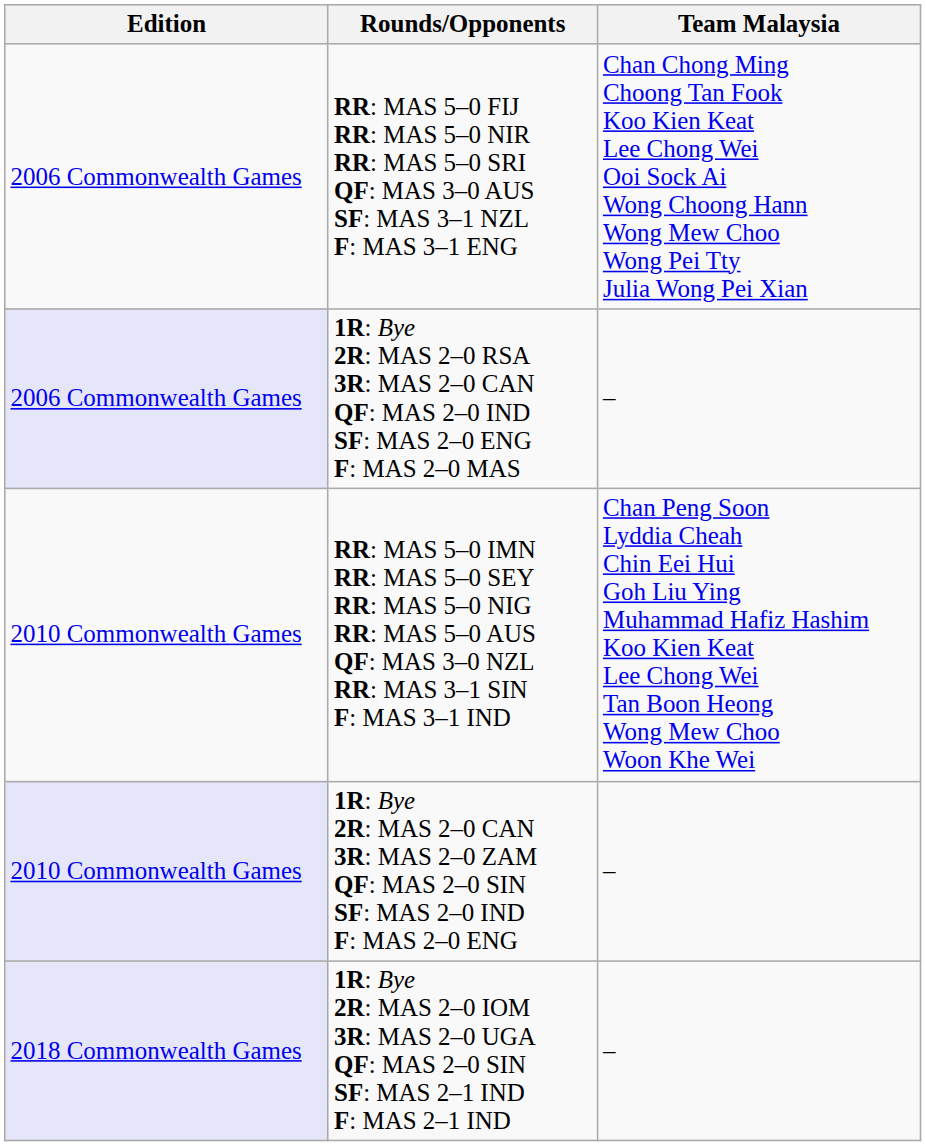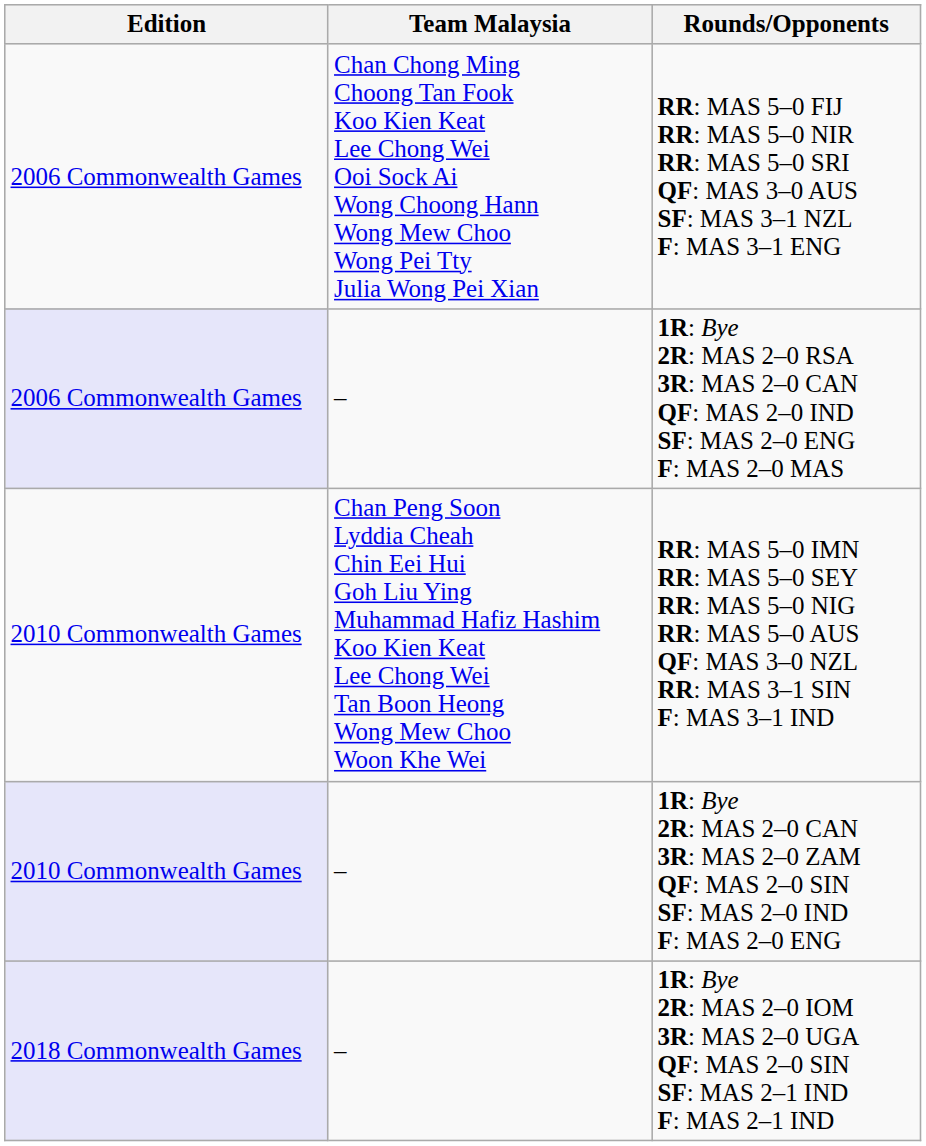 <table class=wikitable>
 <tr>
 <th width=200>Edition</th>
+<th width=200> Team Malaysia</th>
 <th width=165>Rounds/Opponents</th>
-<th width=200> Team Malaysia</th>
 </tr>
 <tr>
 <td><a href='#'>2006 Commonwealth Games</a></td>
+<td><a href='#'>Chan Chong Ming</a><br><a href='#'>Choong Tan Fook</a><br><a href='#'>Koo Kien Keat</a><br><a href='#'>Lee Chong Wei</a><br><a href='#'>Ooi Sock Ai</a><br><a href='#'>Wong Choong Hann</a><br><a href='#'>Wong Mew Choo</a><br><a href='#'>Wong Pei Tty</a><br><a href='#'>Julia Wong Pei Xian</a></td>
 <td><strong>RR</strong>:  MAS 5–0 FIJ<br><strong>RR</strong>:  MAS 5–0 NIR<br><strong>RR</strong>:  MAS 5–0 SRI<br><strong>QF</strong>:  MAS 3–0 AUS<br><strong>SF</strong>:  MAS 3–1 NZL<br><strong>F</strong>:  MAS 3–1 ENG</td>
-<td><a href='#'>Chan Chong Ming</a><br><a href='#'>Choong Tan Fook</a><br><a href='#'>Koo Kien Keat</a><br><a href='#'>Lee Chong Wei</a><br><a href='#'>Ooi Sock Ai</a><br><a href='#'>Wong Choong Hann</a><br><a href='#'>Wong Mew Choo</a><br><a href='#'>Wong Pei Tty</a><br><a href='#'>Julia Wong Pei Xian</a></td>
 </tr>
 <tr>
 <td bgcolor=#E6E6FA><a href='#'>2006 Commonwealth Games</a></td>
+<td>–</td>
 <td><strong>1R</strong>: <em>Bye</em><br><strong>2R</strong>:  MAS 2–0 RSA<br><strong>3R</strong>:  MAS 2–0 CAN<br><strong>QF</strong>:  MAS 2–0 IND<br><strong>SF</strong>:  MAS 2–0 ENG<br><strong>F</strong>:  MAS 2–0 MAS</td>
-<td>–</td>
 </tr>
 <tr>
 <td><a href='#'>2010 Commonwealth Games</a></td>
+<td><a href='#'>Chan Peng Soon</a><br><a href='#'>Lyddia Cheah</a><br><a href='#'>Chin Eei Hui</a><br><a href='#'>Goh Liu Ying</a><br><a href='#'>Muhammad Hafiz Hashim</a><br><a href='#'>Koo Kien Keat</a><br><a href='#'>Lee Chong Wei</a><br><a href='#'>Tan Boon Heong</a><br><a href='#'>Wong Mew Choo</a><br><a href='#'>Woon Khe Wei</a></td>
 <td><strong>RR</strong>:  MAS 5–0 IMN<br><strong>RR</strong>:  MAS 5–0 SEY<br><strong>RR</strong>:  MAS 5–0 NIG<br><strong>RR</strong>:  MAS 5–0 AUS<br><strong>QF</strong>:  MAS 3–0 NZL<br><strong>RR</strong>:  MAS 3–1 SIN<br><strong>F</strong>:  MAS 3–1 IND</td>
-<td><a href='#'>Chan Peng Soon</a><br><a href='#'>Lyddia Cheah</a><br><a href='#'>Chin Eei Hui</a><br><a href='#'>Goh Liu Ying</a><br><a href='#'>Muhammad Hafiz Hashim</a><br><a href='#'>Koo Kien Keat</a><br><a href='#'>Lee Chong Wei</a><br><a href='#'>Tan Boon Heong</a><br><a href='#'>Wong Mew Choo</a><br><a href='#'>Woon Khe Wei</a></td>
 </tr>
 <tr>
 <td bgcolor=#E6E6FA><a href='#'>2010 Commonwealth Games</a></td>
+<td>–</td>
 <td><strong>1R</strong>: <em>Bye</em><br><strong>2R</strong>:  MAS 2–0 CAN<br><strong>3R</strong>:  MAS 2–0 ZAM<br><strong>QF</strong>:  MAS 2–0 SIN<br><strong>SF</strong>:  MAS 2–0 IND<br><strong>F</strong>:  MAS 2–0 ENG</td>
-<td>–</td>
 </tr>
 <tr>
 <td bgcolor=#E6E6FA><a href='#'>2018 Commonwealth Games</a></td>
+<td>–</td>
 <td><strong>1R</strong>: <em>Bye</em><br><strong>2R</strong>:  MAS 2–0 IOM<br><strong>3R</strong>:  MAS 2–0 UGA<br><strong>QF</strong>:  MAS 2–0 SIN<br><strong>SF</strong>:  MAS 2–1 IND<br><strong>F</strong>:  MAS 2–1 IND</td>
-<td>–</td>
 </tr>
 </table>
